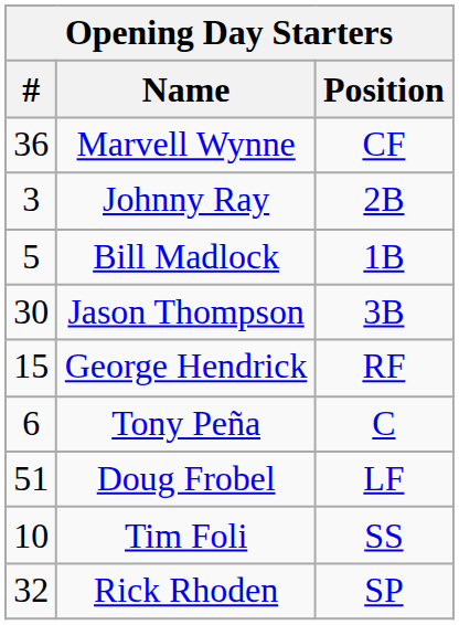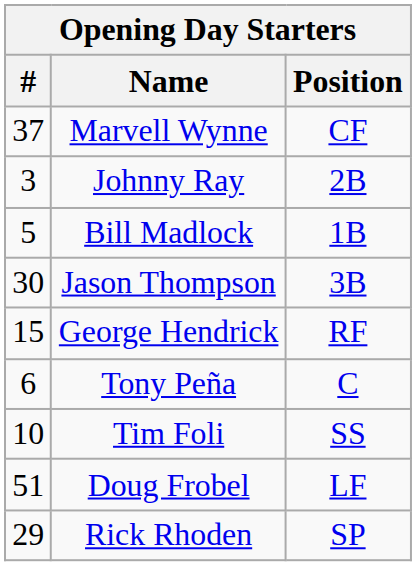 <table class="wikitable" style="text-align:center">
 <tr>
 <th colspan="3">Opening Day Starters</th>
 </tr>
 <tr>
 <th>#</th>
 <th>Name</th>
 <th>Position</th>
 </tr>
 <tr>
-<td>36</td>
+<td>37</td>
 <td><a href='#'>Marvell Wynne</a></td>
 <td><a href='#'>CF</a></td>
 </tr>
 <tr>
 <td>3</td>
 <td><a href='#'>Johnny Ray</a></td>
 <td><a href='#'>2B</a></td>
 </tr>
 <tr>
 <td>5</td>
 <td><a href='#'>Bill Madlock</a></td>
 <td><a href='#'>1B</a></td>
 </tr>
 <tr>
 <td>30</td>
 <td><a href='#'>Jason Thompson</a></td>
 <td><a href='#'>3B</a></td>
 </tr>
 <tr>
 <td>15</td>
 <td><a href='#'>George Hendrick</a></td>
 <td><a href='#'>RF</a></td>
 </tr>
 <tr>
 <td>6</td>
 <td><a href='#'>Tony Peña</a></td>
 <td><a href='#'>C</a></td>
 </tr>
 <tr>
+<td>10</td>
+<td><a href='#'>Tim Foli</a></td>
+<td><a href='#'>SS</a></td>
+</tr>
+<tr>
 <td>51</td>
 <td><a href='#'>Doug Frobel</a></td>
 <td><a href='#'>LF</a></td>
 </tr>
 <tr>
-<td>10</td>
-<td><a href='#'>Tim Foli</a></td>
-<td><a href='#'>SS</a></td>
-</tr>
-<tr>
-<td>32</td>
+<td>29</td>
 <td><a href='#'>Rick Rhoden</a></td>
 <td><a href='#'>SP</a></td>
 </tr>
 </table>
